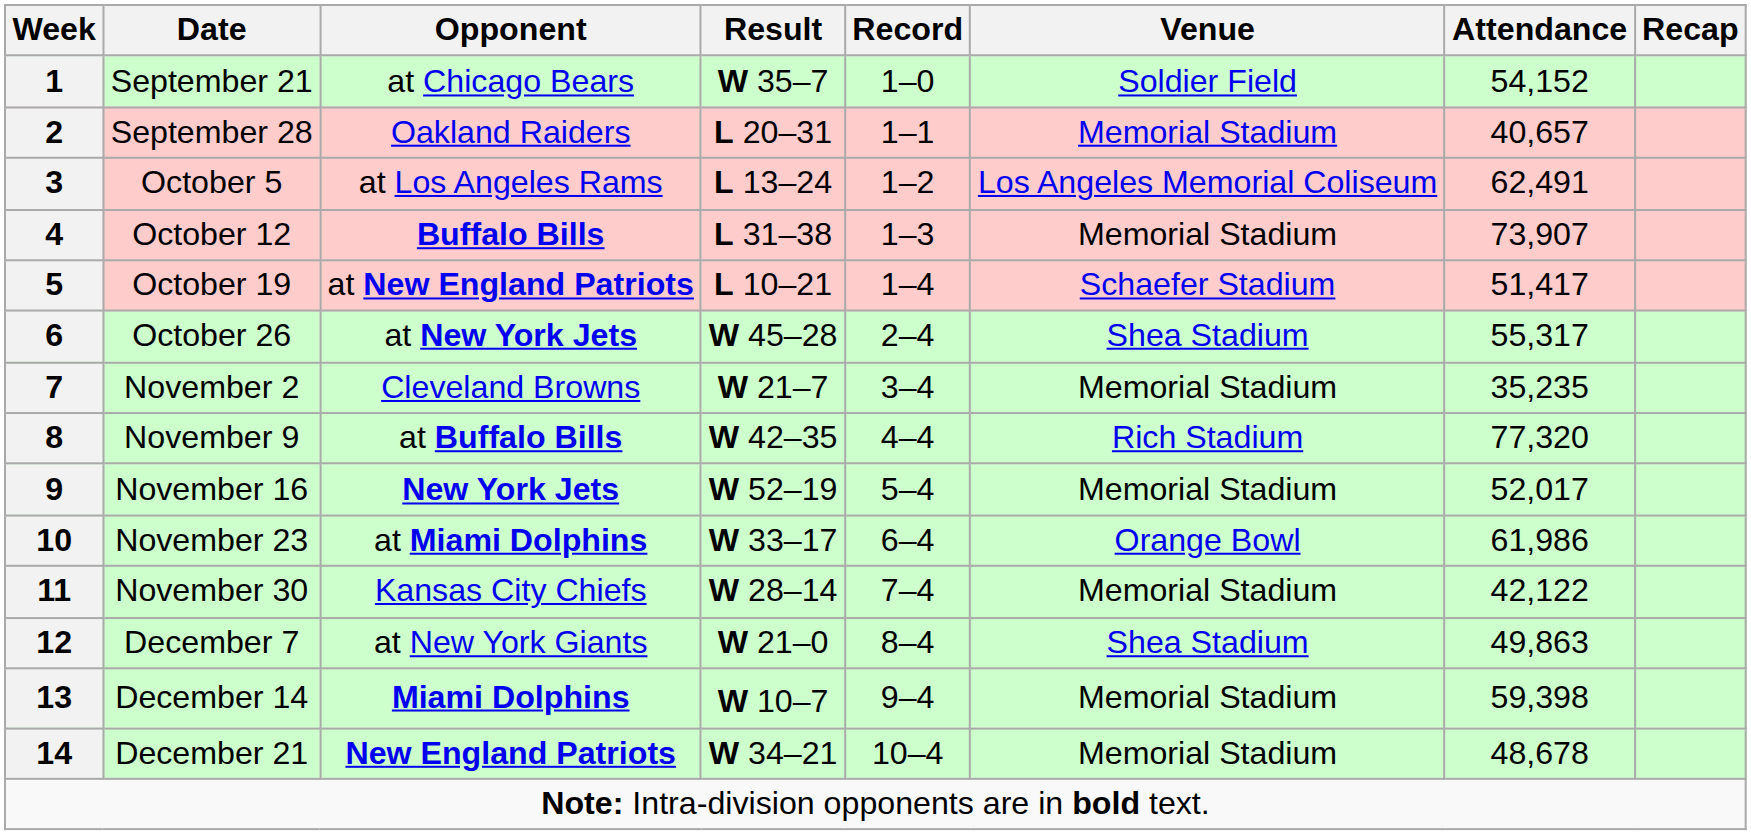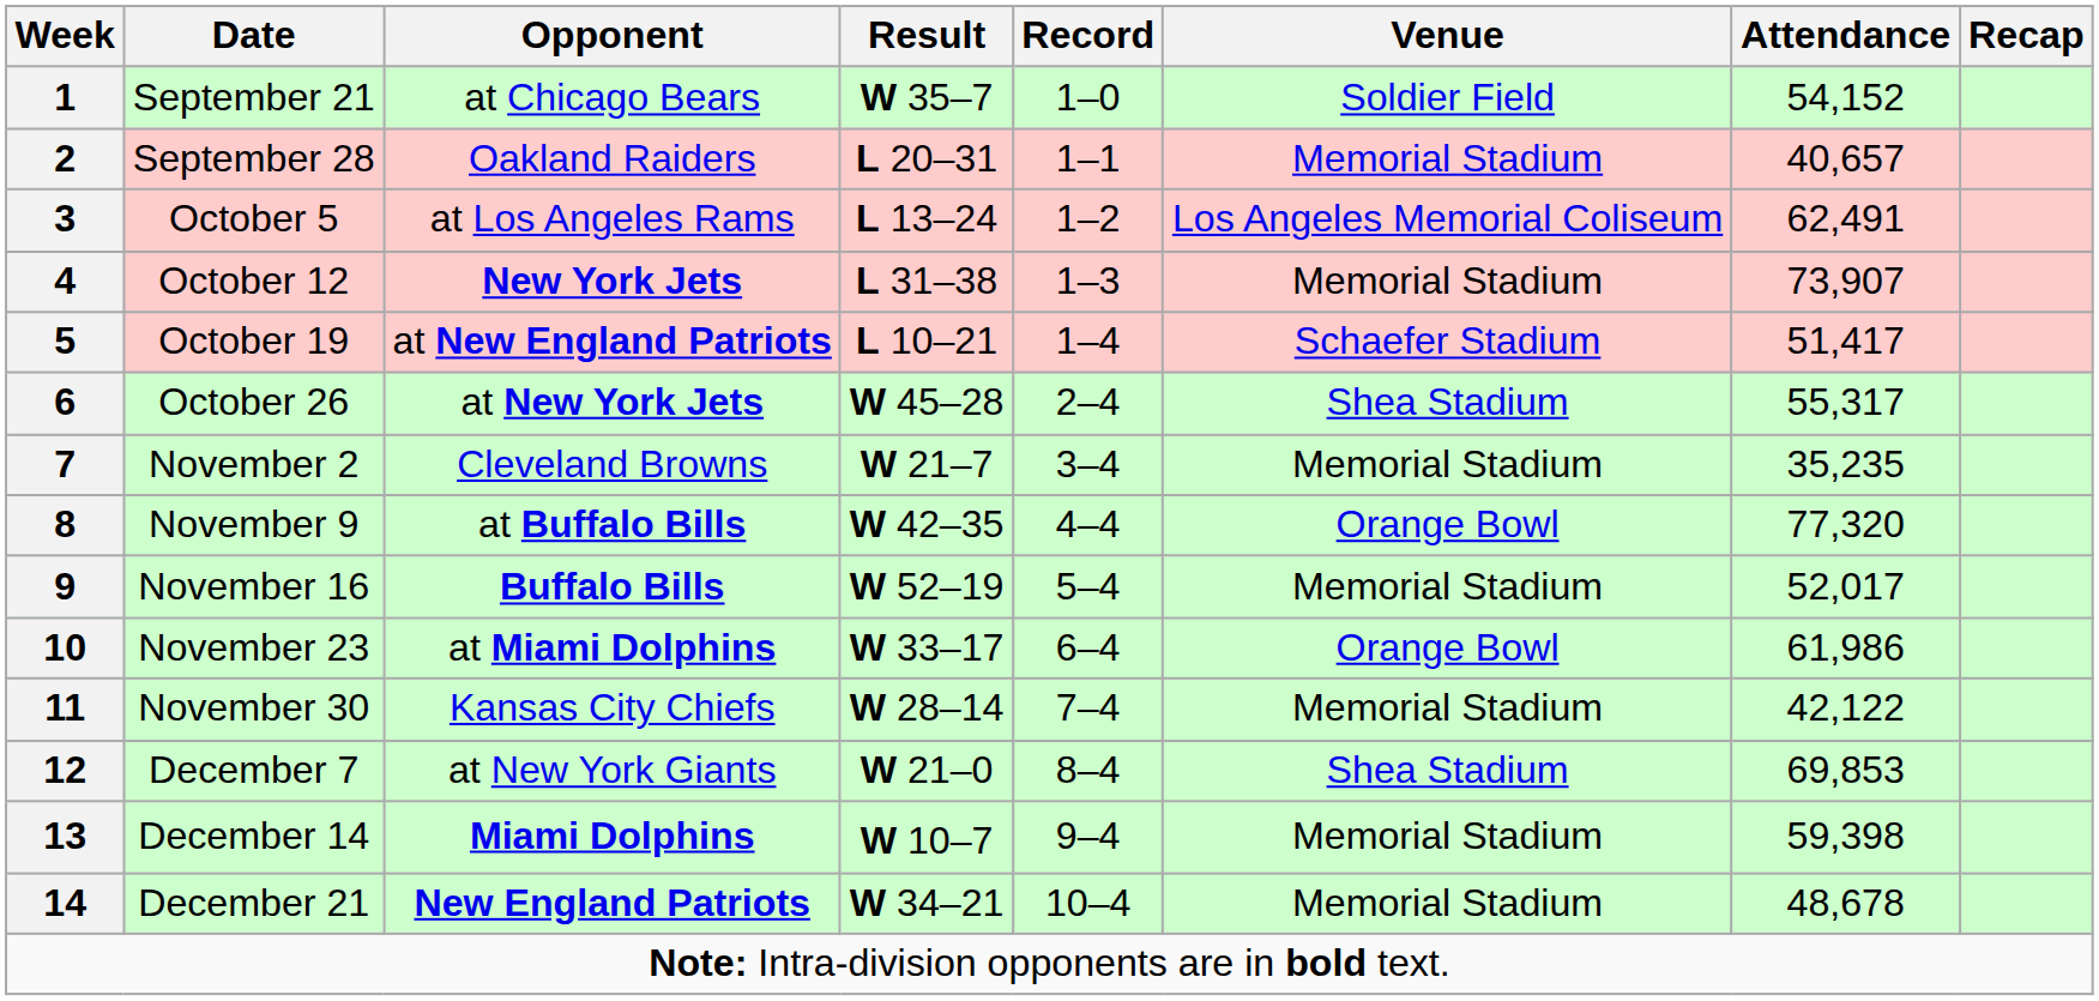 <table class="wikitable" style="text-align:center">
 <tr>
 <th>Week</th>
 <th>Date</th>
 <th>Opponent</th>
 <th>Result</th>
 <th>Record</th>
 <th>Venue</th>
 <th>Attendance</th>
 <th>Recap</th>
 </tr>
 <tr style="background:#cfc">
 <th>1</th>
 <td>September 21</td>
 <td>at <a href='#'>Chicago Bears</a></td>
 <td><strong>W</strong> 35–7</td>
 <td>1–0</td>
 <td><a href='#'>Soldier Field</a></td>
 <td>54,152</td>
 <td></td>
 </tr>
 <tr style="background:#fcc">
 <th>2</th>
 <td>September 28</td>
 <td><a href='#'>Oakland Raiders</a></td>
 <td><strong>L</strong> 20–31</td>
 <td>1–1</td>
 <td><a href='#'>Memorial Stadium</a></td>
 <td>40,657</td>
 <td></td>
 </tr>
 <tr style="background:#fcc">
 <th>3</th>
 <td>October 5</td>
 <td>at <a href='#'>Los Angeles Rams</a></td>
 <td><strong>L</strong> 13–24</td>
 <td>1–2</td>
 <td><a href='#'>Los Angeles Memorial Coliseum</a></td>
 <td>62,491</td>
 <td></td>
 </tr>
 <tr style="background:#fcc">
 <th>4</th>
 <td>October 12</td>
-<td><strong><a href='#'>Buffalo Bills</a></strong></td>
+<td><strong><a href='#'>New York Jets</a></strong></td>
 <td><strong>L</strong> 31–38</td>
 <td>1–3</td>
 <td>Memorial Stadium</td>
 <td>73,907</td>
 <td></td>
 </tr>
 <tr style="background:#fcc">
 <th>5</th>
 <td>October 19</td>
 <td>at <strong><a href='#'>New England Patriots</a></strong></td>
 <td><strong>L</strong> 10–21</td>
 <td>1–4</td>
 <td><a href='#'>Schaefer Stadium</a></td>
 <td>51,417</td>
 <td></td>
 </tr>
 <tr style="background:#cfc">
 <th>6</th>
 <td>October 26</td>
 <td>at <strong><a href='#'>New York Jets</a></strong></td>
 <td><strong>W</strong> 45–28</td>
 <td>2–4</td>
 <td><a href='#'>Shea Stadium</a></td>
 <td>55,317</td>
 <td></td>
 </tr>
 <tr style="background:#cfc">
 <th>7</th>
 <td>November 2</td>
 <td><a href='#'>Cleveland Browns</a></td>
 <td><strong>W</strong> 21–7</td>
 <td>3–4</td>
 <td>Memorial Stadium</td>
 <td>35,235</td>
 <td></td>
 </tr>
 <tr style="background:#cfc">
 <th>8</th>
 <td>November 9</td>
 <td>at <strong><a href='#'>Buffalo Bills</a></strong></td>
 <td><strong>W</strong> 42–35</td>
 <td>4–4</td>
-<td><a href='#'>Rich Stadium</a></td>
+<td><a href='#'>Orange Bowl</a></td>
 <td>77,320</td>
 <td></td>
 </tr>
 <tr style="background:#cfc">
 <th>9</th>
 <td>November 16</td>
-<td><strong><a href='#'>New York Jets</a></strong></td>
+<td><strong><a href='#'>Buffalo Bills</a></strong></td>
 <td><strong>W</strong> 52–19</td>
 <td>5–4</td>
 <td>Memorial Stadium</td>
 <td>52,017</td>
 <td></td>
 </tr>
 <tr style="background:#cfc">
 <th>10</th>
 <td>November 23</td>
 <td>at <strong><a href='#'>Miami Dolphins</a></strong></td>
 <td><strong>W</strong> 33–17</td>
 <td>6–4</td>
 <td><a href='#'>Orange Bowl</a></td>
 <td>61,986</td>
 <td></td>
 </tr>
 <tr style="background:#cfc">
 <th>11</th>
 <td>November 30</td>
 <td><a href='#'>Kansas City Chiefs</a></td>
 <td><strong>W</strong> 28–14</td>
 <td>7–4</td>
 <td>Memorial Stadium</td>
 <td>42,122</td>
 <td></td>
 </tr>
 <tr style="background:#cfc">
 <th>12</th>
 <td>December 7</td>
 <td>at <a href='#'>New York Giants</a></td>
 <td><strong>W</strong> 21–0</td>
 <td>8–4</td>
 <td><a href='#'>Shea Stadium</a></td>
-<td>49,863</td>
+<td>69,853</td>
 <td></td>
 </tr>
 <tr style="background:#cfc">
 <th>13</th>
 <td>December 14</td>
 <td><strong><a href='#'>Miami Dolphins</a></strong></td>
 <td><strong>W</strong> 10–7<sup></sup></td>
 <td>9–4</td>
 <td>Memorial Stadium</td>
 <td>59,398</td>
 <td></td>
 </tr>
 <tr style="background:#cfc">
 <th>14</th>
 <td>December 21</td>
 <td><strong><a href='#'>New England Patriots</a></strong></td>
 <td><strong>W</strong> 34–21</td>
 <td>10–4</td>
 <td>Memorial Stadium</td>
 <td>48,678</td>
 <td></td>
 </tr>
 <tr>
 <td colspan="8"><strong>Note:</strong> Intra-division opponents are in <strong>bold</strong> text.</td>
 </tr>
 </table>
